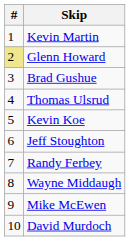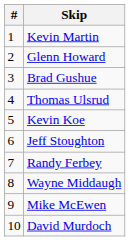 <table class="wikitable">
 <tr>
 <th>#</th>
 <th>Skip</th>
 </tr>
 <tr>
 <td>1</td>
 <td> <a href='#'>Kevin Martin</a></td>
 </tr>
 <tr>
-<td style="background: khaki;">2</td>
+<td>2</td>
 <td> <a href='#'>Glenn Howard</a></td>
 </tr>
 <tr>
 <td>3</td>
 <td> <a href='#'>Brad Gushue</a></td>
 </tr>
 <tr>
 <td>4</td>
 <td> <a href='#'>Thomas Ulsrud</a></td>
 </tr>
 <tr>
 <td>5</td>
 <td> <a href='#'>Kevin Koe</a></td>
 </tr>
 <tr>
 <td>6</td>
 <td> <a href='#'>Jeff Stoughton</a></td>
 </tr>
 <tr>
 <td>7</td>
 <td> <a href='#'>Randy Ferbey</a></td>
 </tr>
 <tr>
 <td>8</td>
 <td> <a href='#'>Wayne Middaugh</a></td>
 </tr>
 <tr>
 <td>9</td>
 <td> <a href='#'>Mike McEwen</a></td>
 </tr>
 <tr>
 <td>10</td>
 <td> <a href='#'>David Murdoch</a></td>
 </tr>
 </table>
